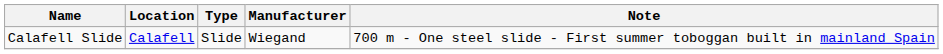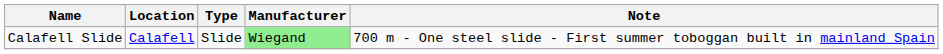 <table class="wikitable sortable">
 <tr>
 <th>Name</th>
 <th>Location</th>
 <th>Type</th>
 <th>Manufacturer</th>
 <th>Note</th>
 </tr>
 <tr>
 <td>Calafell Slide</td>
 <td><a href='#'>Calafell</a></td>
 <td>Slide</td>
-<td>Wiegand</td>
+<td style="background: lightgreen;">Wiegand</td>
 <td>700 m - One steel slide - First summer toboggan built in <a href='#'>mainland Spain</a></td>
 </tr>
 <tr>
 </tr>
 </table>
